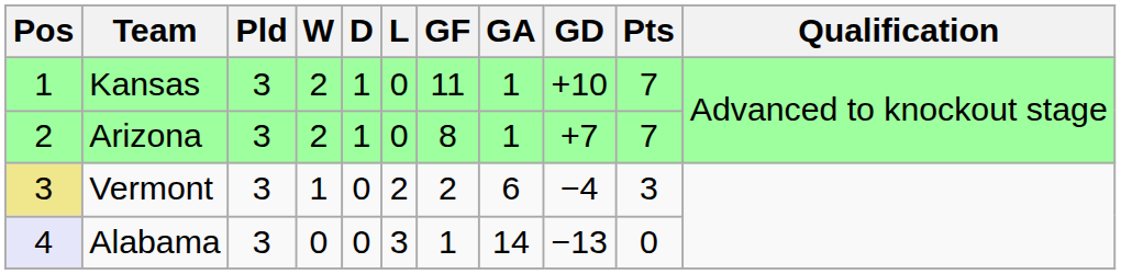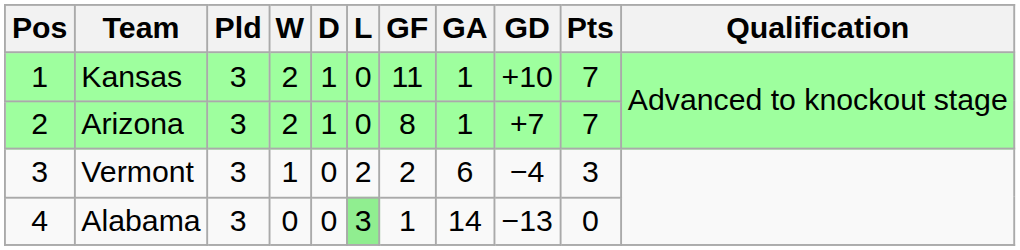 <table class="wikitable" style="text-align:center">
 <tr>
 <th>Pos</th>
 <th>Team</th>
 <th>Pld</th>
 <th>W</th>
 <th>D</th>
 <th>L</th>
 <th>GF</th>
 <th>GA</th>
 <th>GD</th>
 <th>Pts</th>
 <th>Qualification</th>
 </tr>
 <tr bgcolor="#9eff9e">
 <td>1</td>
 <td style="text-align:left">Kansas</td>
 <td>3</td>
 <td>2</td>
 <td>1</td>
 <td>0</td>
 <td>11</td>
 <td>1</td>
 <td>+10</td>
 <td>7</td>
 <td rowspan="2">Advanced to knockout stage</td>
 </tr>
 <tr bgcolor="#9eff9e">
 <td>2</td>
 <td style="text-align:left">Arizona</td>
 <td>3</td>
 <td>2</td>
 <td>1</td>
 <td>0</td>
 <td>8</td>
 <td>1</td>
 <td>+7</td>
 <td>7</td>
 </tr>
 <tr>
-<td style="background: khaki;">3</td>
+<td>3</td>
 <td style="text-align:left">Vermont</td>
 <td>3</td>
 <td>1</td>
 <td>0</td>
 <td>2</td>
 <td>2</td>
 <td>6</td>
 <td>−4</td>
 <td>3</td>
 <td rowspan="2"></td>
 </tr>
 <tr>
-<td style="background: lavender;">4</td>
+<td>4</td>
 <td style="text-align:left">Alabama</td>
 <td>3</td>
 <td>0</td>
 <td>0</td>
-<td>3</td>
+<td style="background: lightgreen;">3</td>
 <td>1</td>
 <td>14</td>
 <td>−13</td>
 <td>0</td>
 </tr>
 </table>
